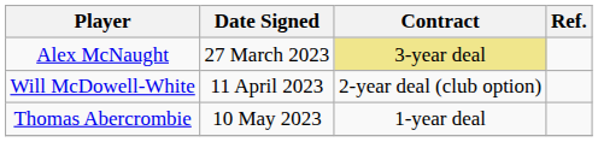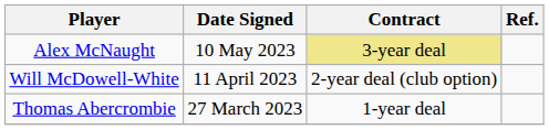 <table class="wikitable sortable sortable" style="text-align: center">
 <tr>
 <th>Player</th>
 <th>Date Signed</th>
 <th>Contract</th>
 <th>Ref.</th>
 </tr>
 <tr>
 <td><a href='#'>Alex McNaught</a></td>
-<td>27 March 2023</td>
+<td>10 May 2023</td>
 <td style="background: khaki;">3-year deal</td>
 <td></td>
 </tr>
 <tr>
 <td><a href='#'>Will McDowell-White</a></td>
 <td>11 April 2023</td>
 <td>2-year deal (club option)</td>
 <td></td>
 </tr>
 <tr>
 <td><a href='#'>Thomas Abercrombie</a></td>
-<td>10 May 2023</td>
+<td>27 March 2023</td>
 <td>1-year deal</td>
 <td></td>
 </tr>
 <tr>
 </tr>
 </table>
